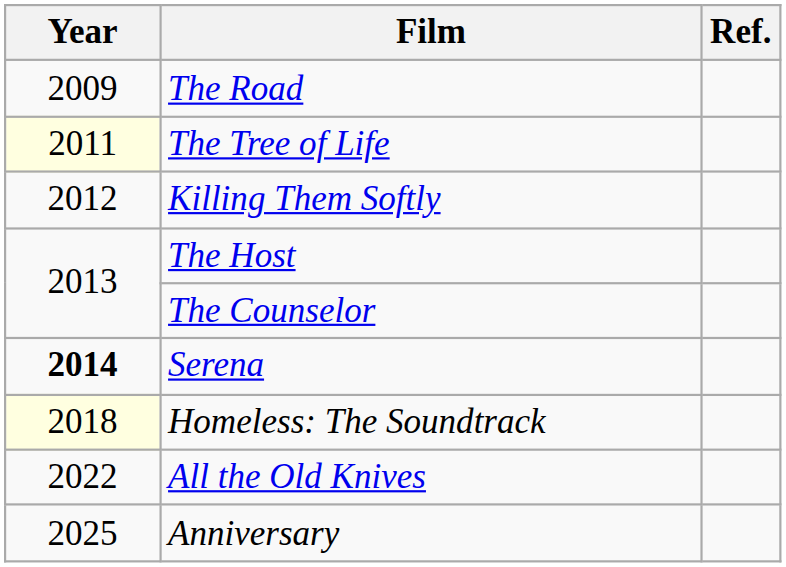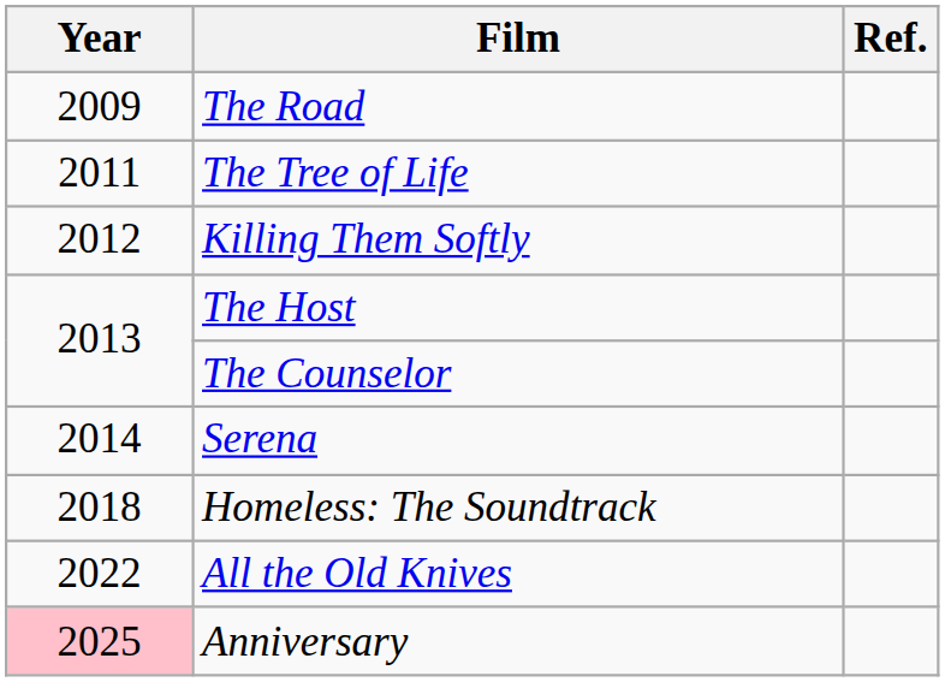 <table class="wikitable">
 <tr>
 <th width=20%>Year</th>
 <th width=70%>Film</th>
 <th width=10%>Ref.</th>
 </tr>
 <tr>
 <td style="text-align:center;">2009</td>
 <td><em><a href='#'>The Road</a></em></td>
 <td></td>
 </tr>
 <tr>
-<td style="background: lightyellow; text-align:center;">2011</td>
+<td style="text-align:center;">2011</td>
 <td><em><a href='#'>The Tree of Life</a></em></td>
 <td></td>
 </tr>
 <tr>
 <td style="text-align:center;">2012</td>
 <td><em><a href='#'>Killing Them Softly</a></em></td>
 <td></td>
 </tr>
 <tr>
 <td style="text-align:center;" rowspan=2>2013</td>
 <td><em><a href='#'>The Host</a></em></td>
 <td></td>
 </tr>
 <tr>
 <td><em><a href='#'>The Counselor</a></em></td>
 <td></td>
 </tr>
 <tr>
-<td style="text-align:center;"><strong>2014</strong></td>
+<td style="text-align:center;">2014</td>
 <td><em><a href='#'>Serena</a></em></td>
 <td></td>
 </tr>
 <tr>
-<td style="background: lightyellow; text-align:center;">2018</td>
+<td style="text-align:center;">2018</td>
 <td><em>Homeless: The Soundtrack</em></td>
 <td></td>
 </tr>
 <tr>
 <td style="text-align:center;">2022</td>
 <td><em><a href='#'>All the Old Knives</a></em></td>
 <td></td>
 </tr>
 <tr>
-<td style="text-align:center;">2025</td>
+<td style="background: pink; text-align:center;">2025</td>
 <td><em>Anniversary</em></td>
 <td></td>
 </tr>
 </table>
